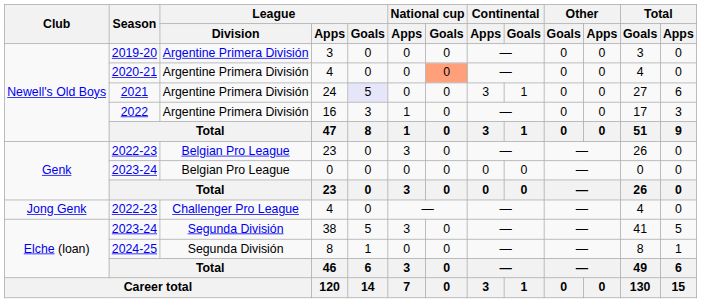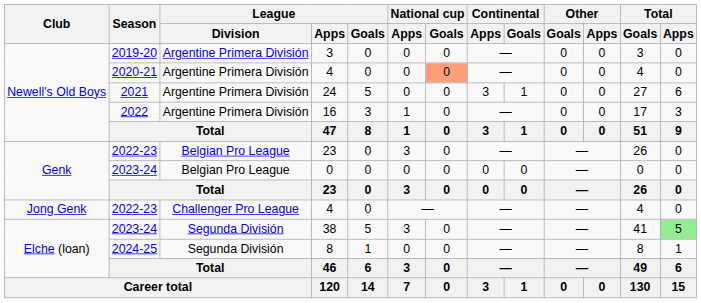 <table class="wikitable" style="text-align: center;">
 <tr>
 <th rowspan="2">Club</th>
 <th rowspan="2">Season</th>
 <th colspan="3">League</th>
 <th colspan="2">National cup</th>
 <th colspan="2">Continental</th>
 <th colspan="2">Other</th>
 <th colspan="2">Total</th>
 </tr>
 <tr>
 <th>Division</th>
 <th>Apps</th>
 <th>Goals</th>
 <th>Apps</th>
 <th>Goals</th>
 <th>Apps</th>
 <th>Goals</th>
 <th>Goals</th>
 <th>Apps</th>
 <th>Goals</th>
 <th>Apps</th>
 </tr>
 <tr>
 <td rowspan="5"><a href='#'>Newell's Old Boys</a></td>
 <td><a href='#'>2019-20</a></td>
 <td><a href='#'>Argentine Primera División</a></td>
 <td>3</td>
 <td>0</td>
 <td>0</td>
 <td>0</td>
 <td colspan="2">—</td>
 <td>0</td>
 <td>0</td>
 <td>3</td>
 <td>0</td>
 </tr>
 <tr>
 <td><a href='#'>2020-21</a></td>
 <td>Argentine Primera División</td>
 <td>4</td>
 <td>0</td>
 <td>0</td>
 <td style="background: lightsalmon;">0</td>
 <td colspan="2">—</td>
 <td>0</td>
 <td>0</td>
 <td>4</td>
 <td>0</td>
 </tr>
 <tr>
 <td><a href='#'>2021</a></td>
 <td>Argentine Primera División</td>
 <td>24</td>
-<td style="background: lavender;">5</td>
+<td>5</td>
 <td>0</td>
 <td>0</td>
 <td>3</td>
 <td>1</td>
 <td>0</td>
 <td>0</td>
 <td>27</td>
 <td>6</td>
 </tr>
 <tr>
 <td><a href='#'>2022</a></td>
 <td>Argentine Primera División</td>
 <td>16</td>
 <td>3</td>
 <td>1</td>
 <td>0</td>
 <td colspan="2">—</td>
 <td>0</td>
 <td>0</td>
 <td>17</td>
 <td>3</td>
 </tr>
 <tr>
 <th colspan="2">Total</th>
 <th>47</th>
 <th>8</th>
 <th>1</th>
 <th>0</th>
 <th>3</th>
 <th>1</th>
 <th>0</th>
 <th>0</th>
 <th>51</th>
 <th>9</th>
 </tr>
 <tr>
 <td rowspan="3"><a href='#'>Genk</a></td>
 <td><a href='#'>2022-23</a></td>
 <td><a href='#'>Belgian Pro League</a></td>
 <td>23</td>
 <td>0</td>
 <td>3</td>
 <td>0</td>
 <td colspan="2">—</td>
 <td colspan="2">—</td>
 <td>26</td>
 <td>0</td>
 </tr>
 <tr>
 <td><a href='#'>2023-24</a></td>
 <td>Belgian Pro League</td>
 <td>0</td>
 <td>0</td>
 <td>0</td>
 <td>0</td>
 <td>0</td>
 <td>0</td>
 <td colspan="2">—</td>
 <td>0</td>
 <td>0</td>
 </tr>
 <tr>
 <th colspan="2">Total</th>
 <th>23</th>
 <th>0</th>
 <th>3</th>
 <th>0</th>
 <th>0</th>
 <th>0</th>
 <th colspan="2">—</th>
 <th>26</th>
 <th>0</th>
 </tr>
 <tr>
 <td><a href='#'>Jong Genk</a></td>
 <td><a href='#'>2022-23</a></td>
 <td><a href='#'>Challenger Pro League</a></td>
 <td>4</td>
 <td>0</td>
 <td colspan="2">—</td>
 <td colspan="2">—</td>
 <td colspan="2">—</td>
 <td>4</td>
 <td>0</td>
 </tr>
 <tr>
 <td rowspan="3"><a href='#'>Elche</a> (loan)</td>
 <td><a href='#'>2023-24</a></td>
 <td><a href='#'>Segunda División</a></td>
 <td>38</td>
 <td>5</td>
 <td>3</td>
 <td>0</td>
 <td colspan="2">—</td>
 <td colspan="2">—</td>
 <td>41</td>
-<td>5</td>
+<td style="background: lightgreen;">5</td>
 </tr>
 <tr>
 <td><a href='#'>2024-25</a></td>
 <td>Segunda División</td>
 <td>8</td>
 <td>1</td>
 <td>0</td>
 <td>0</td>
 <td colspan="2">—</td>
 <td colspan="2">—</td>
 <td>8</td>
 <td>1</td>
 </tr>
 <tr>
 <th colspan="2">Total</th>
 <th>46</th>
 <th>6</th>
 <th>3</th>
 <th>0</th>
 <th colspan="2">—</th>
 <th colspan="2">—</th>
 <th>49</th>
 <th>6</th>
 </tr>
 <tr>
 <th colspan="3">Career total</th>
 <th>120</th>
 <th>14</th>
 <th>7</th>
 <th>0</th>
 <th>3</th>
 <th>1</th>
 <th>0</th>
 <th>0</th>
 <th>130</th>
 <th>15</th>
 </tr>
 </table>
